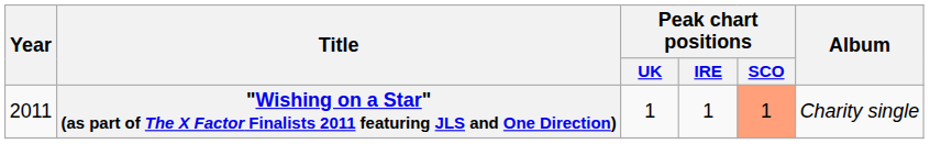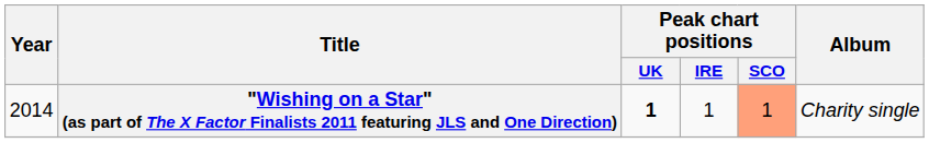 <table class="wikitable plainrowheaders" style="text-align:center;">
 <tr>
 <th scope="col" rowspan="2">Year</th>
 <th scope="col" rowspan="2">Title</th>
 <th scope="col" colspan="3">Peak chart positions</th>
 <th scope="col" rowspan="2">Album</th>
 </tr>
 <tr>
 <th scope="col" style="width:3em;font-size:85%;"><a href='#'>UK</a><br></th>
 <th scope="col" style="width:3em;font-size:85%;"><a href='#'>IRE</a><br></th>
 <th scope="col" style="width:3em;font-size:85%;"><a href='#'>SCO</a><br></th>
 </tr>
 <tr>
-<td>2011</td>
+<td>2014</td>
 <th scope="row">"<a href='#'>Wishing on a Star</a>"<br><small>(as part of <a href='#'><em>The X Factor</em> Finalists 2011</a> featuring <a href='#'>JLS</a> and <a href='#'>One Direction</a>)</small></th>
-<td>1</td>
+<td><strong>1</strong></td>
 <td>1</td>
 <td style="background: lightsalmon;">1</td>
 <td><em>Charity single</em></td>
 </tr>
 <tr>
 </tr>
 </table>
